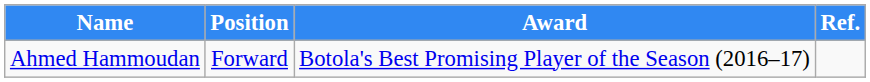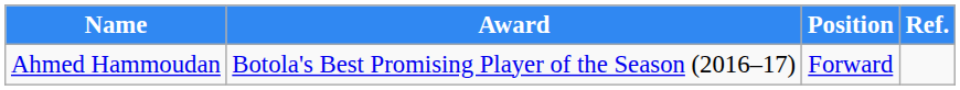 <table class="wikitable">
 <tr>
 <th style="background:#3088f2; color:#ffffff; ">Name</th>
+<th style="background:#3088f2; color:#ffffff; ">Award</th>
 <th style="background:#3088f2; color:#ffffff; ">Position</th>
-<th style="background:#3088f2; color:#ffffff; ">Award</th>
 <th style="background:#3088f2; color:#ffffff; ">Ref.</th>
 </tr>
 <tr>
 <td> <a href='#'>Ahmed Hammoudan</a></td>
+<td align="center"><a href='#'>Botola's Best Promising Player of the Season</a> (2016–17)</td>
 <td align="center"><a href='#'>Forward</a></td>
-<td align="center"><a href='#'>Botola's Best Promising Player of the Season</a> (2016–17)</td>
 <td></td>
 </tr>
 </table>
